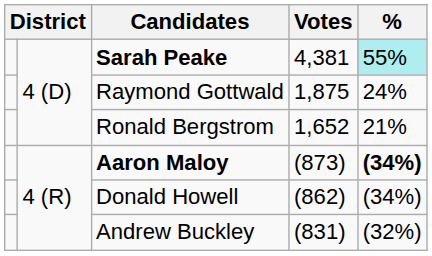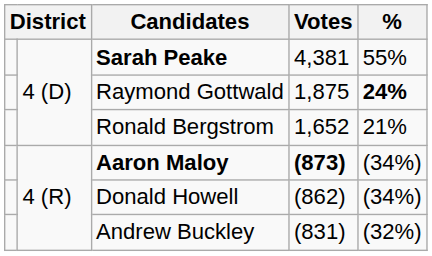 <table class=wikitable>
 <tr>
 <th colspan=2>District</th>
 <th>Candidates</th>
 <th>Votes</th>
 <th>%</th>
 </tr>
 <tr>
 <td></td>
 <td rowspan=3>4 (D)</td>
 <td><strong>Sarah Peake</strong></td>
 <td>4,381</td>
-<td style="background: paleturquoise;">55%</td>
+<td>55%</td>
 </tr>
 <tr>
 <td></td>
 <td>Raymond Gottwald</td>
 <td>1,875</td>
-<td>24%</td>
+<td><strong>24%</strong></td>
 </tr>
 <tr>
 <td></td>
 <td>Ronald Bergstrom</td>
 <td>1,652</td>
 <td>21%</td>
 </tr>
 <tr>
 <td></td>
 <td rowspan=3>4 (R)</td>
 <td><strong>Aaron Maloy</strong></td>
-<td>(873)</td>
-<td><strong>(34%)</strong></td>
+<td><strong>(873)</strong></td>
+<td>(34%)</td>
 </tr>
 <tr>
 <td></td>
 <td>Donald Howell</td>
 <td>(862)</td>
 <td>(34%)</td>
 </tr>
 <tr>
 <td></td>
 <td>Andrew Buckley</td>
 <td>(831)</td>
 <td>(32%)</td>
 </tr>
 </table>
